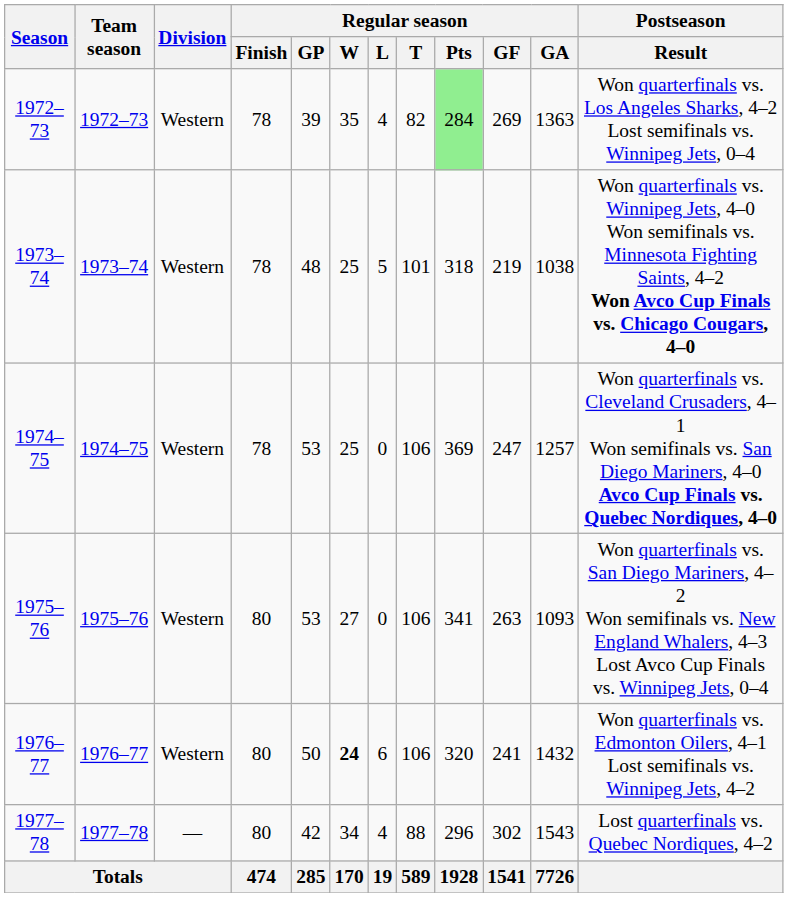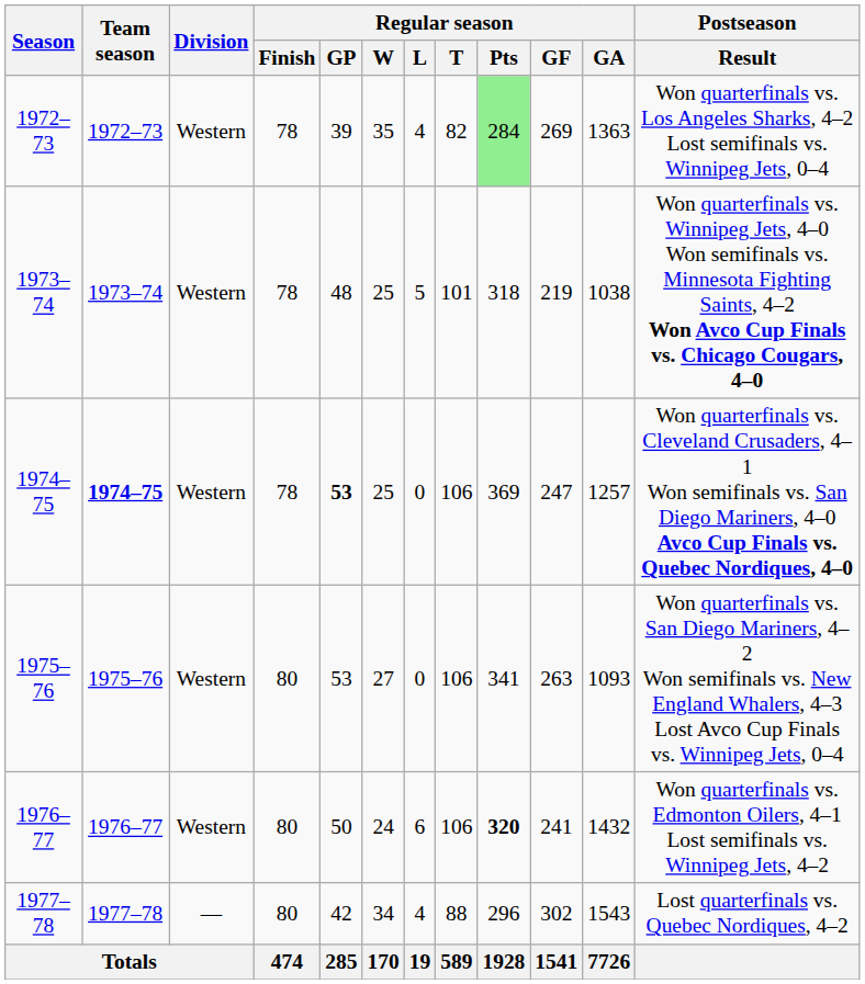 <table class="wikitable" style="text-align:center; font-size:95%">
 <tr>
 <th rowspan="2"><a href='#'>Season</a></th>
 <th rowspan="2">Team season</th>
 <th rowspan="2"><a href='#'>Division</a></th>
 <th colspan="8">Regular season</th>
 <th>Postseason</th>
 </tr>
 <tr>
 <th>Finish</th>
 <th>GP</th>
 <th>W</th>
 <th>L</th>
 <th>T</th>
 <th>Pts</th>
 <th>GF</th>
 <th>GA</th>
 <th>Result</th>
 </tr>
 <tr>
 <td><a href='#'>1972–73</a></td>
 <td><a href='#'>1972–73</a></td>
 <td>Western</td>
 <td>78</td>
 <td>39</td>
 <td>35</td>
 <td>4</td>
 <td>82</td>
 <td style="background: lightgreen;">284</td>
 <td>269</td>
 <td>1363</td>
 <td>Won <a href='#'>quarterfinals</a> vs. <a href='#'>Los Angeles Sharks</a>, 4–2<br>Lost semifinals vs. <a href='#'>Winnipeg Jets</a>, 0–4</td>
 </tr>
 <tr>
 <td><a href='#'>1973–74</a></td>
 <td><a href='#'>1973–74</a></td>
 <td>Western</td>
 <td>78</td>
 <td>48</td>
 <td>25</td>
 <td>5</td>
 <td>101</td>
 <td>318</td>
 <td>219</td>
 <td>1038</td>
 <td>Won <a href='#'>quarterfinals</a> vs. <a href='#'>Winnipeg Jets</a>, 4–0<br>Won semifinals vs. <a href='#'>Minnesota Fighting Saints</a>, 4–2<br><strong>Won <a href='#'>Avco Cup Finals</a> vs. <a href='#'>Chicago Cougars</a>, 4–0</strong></td>
 </tr>
 <tr>
 <td><a href='#'>1974–75</a></td>
-<td><a href='#'>1974–75</a></td>
+<td><strong><a href='#'>1974–75</a></strong></td>
 <td>Western</td>
 <td>78</td>
-<td>53</td>
+<td><strong>53</strong></td>
 <td>25</td>
 <td>0</td>
 <td>106</td>
 <td>369</td>
 <td>247</td>
 <td>1257</td>
 <td>Won <a href='#'>quarterfinals</a> vs. <a href='#'>Cleveland Crusaders</a>, 4–1<br>Won semifinals vs. <a href='#'>San Diego Mariners</a>, 4–0<br><strong><a href='#'>Avco Cup Finals</a> vs. <a href='#'>Quebec Nordiques</a>, 4–0</strong></td>
 </tr>
 <tr>
 <td><a href='#'>1975–76</a></td>
 <td><a href='#'>1975–76</a></td>
 <td>Western</td>
 <td>80</td>
 <td>53</td>
 <td>27</td>
 <td>0</td>
 <td>106</td>
 <td>341</td>
 <td>263</td>
 <td>1093</td>
 <td>Won <a href='#'>quarterfinals</a> vs. <a href='#'>San Diego Mariners</a>, 4–2<br>Won semifinals vs. <a href='#'>New England Whalers</a>, 4–3<br>Lost Avco Cup Finals vs. <a href='#'>Winnipeg Jets</a>, 0–4</td>
 </tr>
 <tr>
 <td><a href='#'>1976–77</a></td>
 <td><a href='#'>1976–77</a></td>
 <td>Western</td>
 <td>80</td>
 <td>50</td>
-<td><strong>24</strong></td>
+<td>24</td>
 <td>6</td>
 <td>106</td>
-<td>320</td>
+<td><strong>320</strong></td>
 <td>241</td>
 <td>1432</td>
 <td>Won <a href='#'>quarterfinals</a> vs. <a href='#'>Edmonton Oilers</a>, 4–1<br>Lost semifinals vs. <a href='#'>Winnipeg Jets</a>, 4–2</td>
 </tr>
 <tr>
 <td><a href='#'>1977–78</a></td>
 <td><a href='#'>1977–78</a></td>
 <td>—</td>
 <td>80</td>
 <td>42</td>
 <td>34</td>
 <td>4</td>
 <td>88</td>
 <td>296</td>
 <td>302</td>
 <td>1543</td>
 <td>Lost <a href='#'>quarterfinals</a> vs. <a href='#'>Quebec Nordiques</a>, 4–2</td>
 </tr>
 <tr>
 <th colspan="3">Totals</th>
 <th>474</th>
 <th>285</th>
 <th>170</th>
 <th>19</th>
 <th>589</th>
 <th>1928</th>
 <th>1541</th>
 <th>7726</th>
 <th> </th>
 </tr>
 </table>
